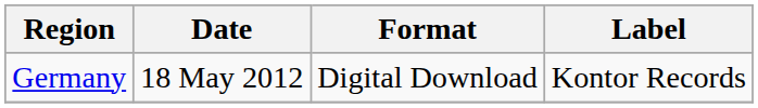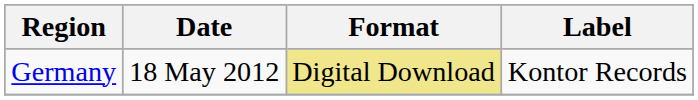 <table class=wikitable>
 <tr>
 <th>Region</th>
 <th>Date</th>
 <th>Format</th>
 <th>Label</th>
 </tr>
 <tr>
 <td><a href='#'>Germany</a></td>
 <td>18 May 2012</td>
-<td>Digital Download</td>
+<td style="background: khaki;">Digital Download</td>
 <td>Kontor Records</td>
 </tr>
 <tr>
 </tr>
 </table>
